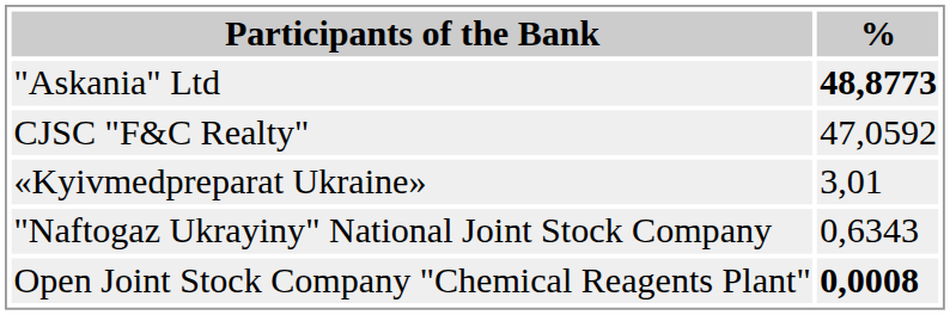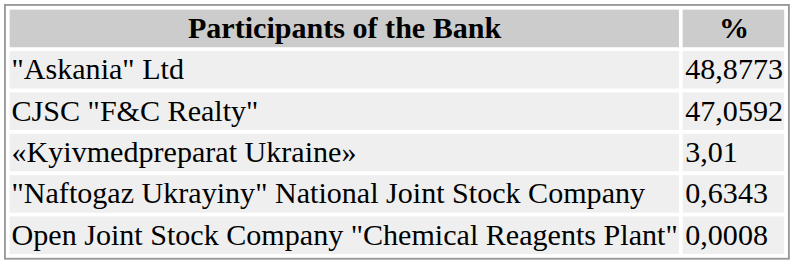 <table border="0" style="border: 1px solid #999; background-color:#FFFFFF">
 <tr align="center" bgcolor="#CCCCCC">
 <th>Participants of the Bank</th>
 <th>%</th>
 </tr>
 <tr bgcolor="#EFEFEF">
 <td>"Askania" Ltd</td>
-<td><strong>48,8773</strong></td>
+<td>48,8773</td>
 </tr>
 <tr bgcolor="#EFEFEF">
 <td>CJSC "F&C Realty"</td>
 <td>47,0592</td>
 </tr>
 <tr bgcolor="#EFEFEF">
 <td>«Kyivmedpreparat Ukraine»</td>
 <td>3,01</td>
 </tr>
 <tr bgcolor="#EFEFEF">
 <td>"Naftogaz Ukrayiny" National Joint Stock Company</td>
 <td>0,6343</td>
 </tr>
 <tr bgcolor="#EFEFEF">
 <td>Open Joint Stock Company "Chemical Reagents Plant"</td>
-<td><strong>0,0008</strong></td>
+<td>0,0008</td>
 </tr>
 </table>
